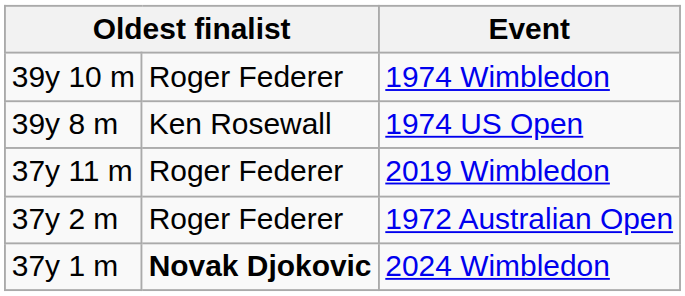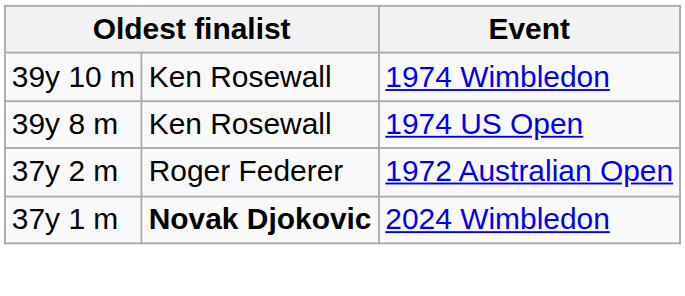 <table class="wikitable" style="display:inline-table;">
 <tr>
 <th colspan=2>Oldest finalist</th>
 <th>Event</th>
 </tr>
 <tr>
 <td>39y 10 m</td>
-<td> Roger Federer</td>
+<td> Ken Rosewall</td>
 <td><a href='#'>1974 Wimbledon</a></td>
 </tr>
 <tr>
 <td>39y 8 m</td>
 <td> Ken Rosewall</td>
 <td><a href='#'>1974 US Open</a></td>
-</tr>
-<tr>
-<td>37y 11 m</td>
-<td> Roger Federer</td>
-<td><a href='#'>2019 Wimbledon</a></td>
 </tr>
 <tr>
 <td>37y 2 m</td>
 <td> Roger Federer</td>
 <td><a href='#'>1972 Australian Open</a></td>
 </tr>
 <tr>
 <td>37y 1 m</td>
 <td> <strong>Novak Djokovic</strong></td>
 <td><a href='#'>2024 Wimbledon</a></td>
 </tr>
 </table>
